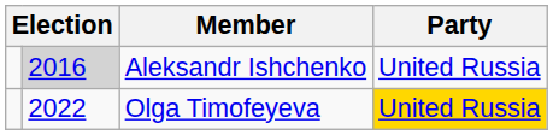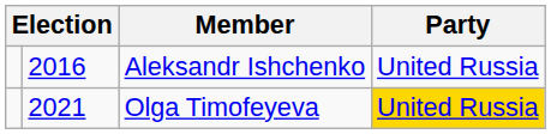 <table class="wikitable">
 <tr>
 <th colspan="2">Election</th>
 <th>Member</th>
 <th>Party</th>
 </tr>
 <tr>
 <td style="background-color: "></td>
-<td style="background: lightgrey;"><a href='#'>2016</a></td>
+<td><a href='#'>2016</a></td>
 <td><a href='#'>Aleksandr Ishchenko</a></td>
 <td><a href='#'>United Russia</a></td>
 </tr>
 <tr>
 <td style="background-color: "></td>
-<td><a href='#'>2022</a></td>
+<td><a href='#'>2021</a></td>
 <td><a href='#'>Olga Timofeyeva</a></td>
 <td style="background: gold;"><a href='#'>United Russia</a></td>
 </tr>
 </table>
